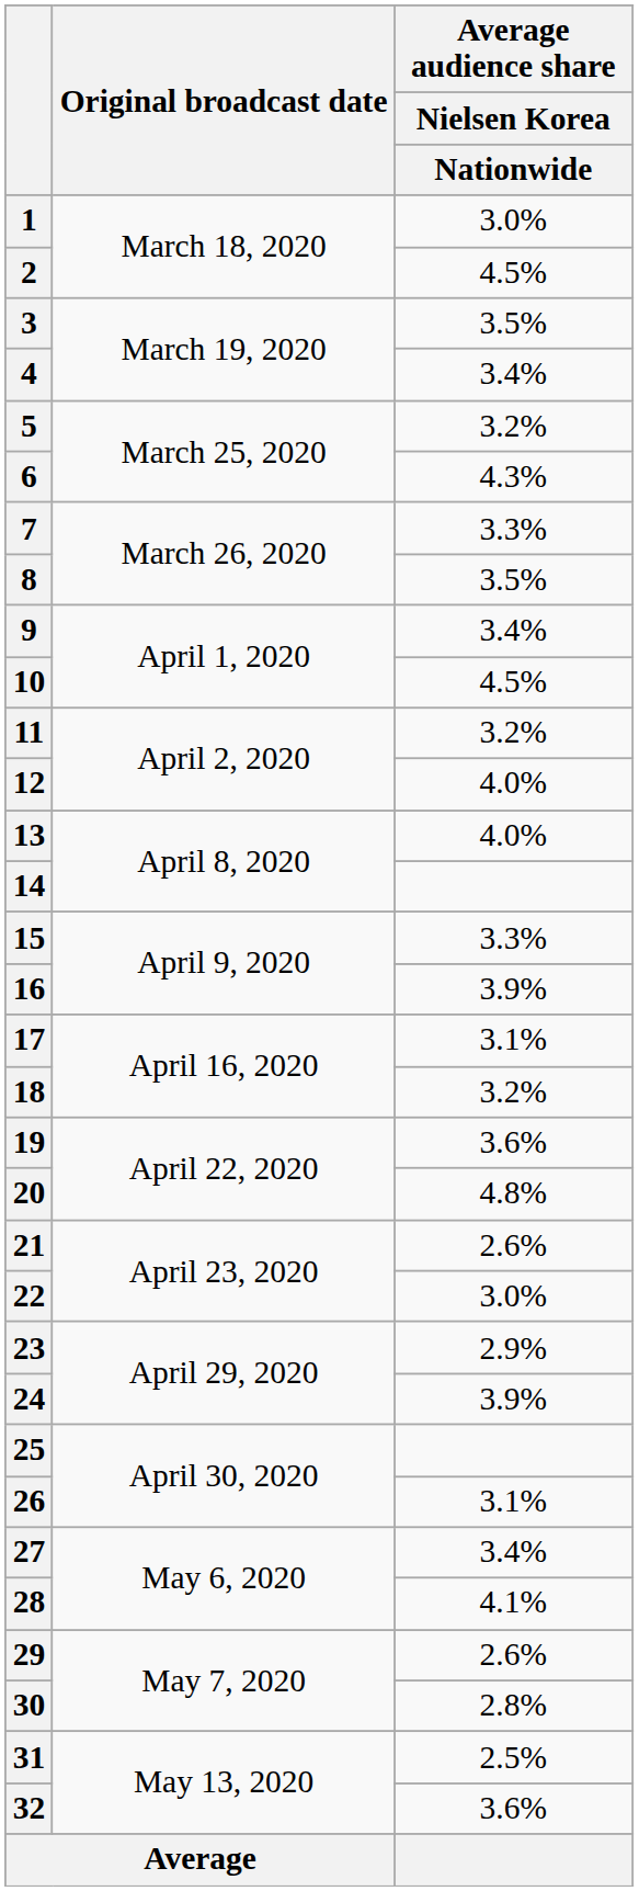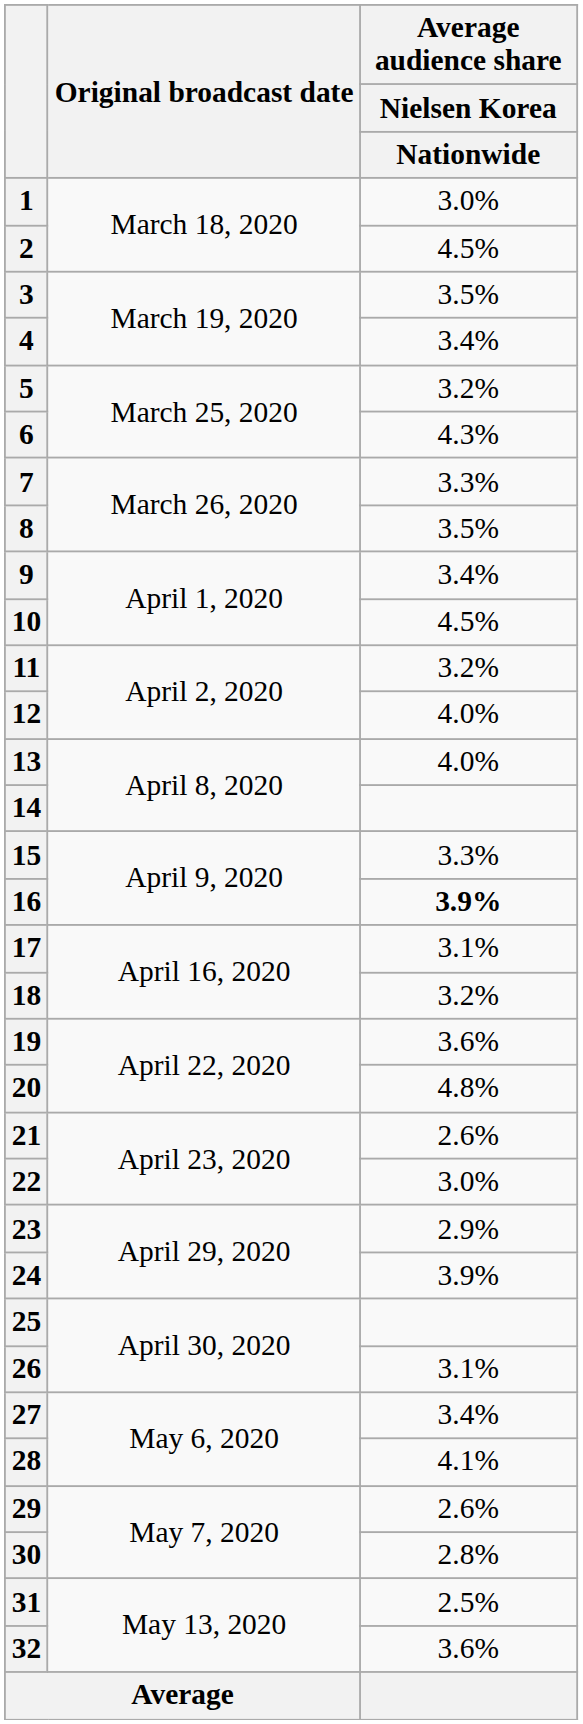 <table class="wikitable" style="text-align:center">
 <tr>
 <th rowspan="3"></th>
 <th rowspan="3">Original broadcast date</th>
 <th colspan="1">Average audience share</th>
 </tr>
 <tr>
 <th>Nielsen Korea</th>
 </tr>
 <tr>
 <th width="110">Nationwide</th>
 </tr>
 <tr>
 <th>1</th>
 <td rowspan="2">March 18, 2020</td>
 <td>3.0% </td>
 </tr>
 <tr>
 <th>2</th>
 <td>4.5% </td>
 </tr>
 <tr>
 <th>3</th>
 <td rowspan="2">March 19, 2020</td>
 <td>3.5% </td>
 </tr>
 <tr>
 <th>4</th>
 <td>3.4% </td>
 </tr>
 <tr>
 <th>5</th>
 <td rowspan="2">March 25, 2020</td>
 <td>3.2% </td>
 </tr>
 <tr>
 <th>6</th>
 <td>4.3% </td>
 </tr>
 <tr>
 <th>7</th>
 <td rowspan="2">March 26, 2020</td>
 <td>3.3% </td>
 </tr>
 <tr>
 <th>8</th>
 <td>3.5% </td>
 </tr>
 <tr>
 <th>9</th>
 <td rowspan="2">April 1, 2020</td>
 <td>3.4% </td>
 </tr>
 <tr>
 <th>10</th>
 <td>4.5% </td>
 </tr>
 <tr>
 <th>11</th>
 <td rowspan="2">April 2, 2020</td>
 <td>3.2% </td>
 </tr>
 <tr>
 <th>12</th>
 <td>4.0% </td>
 </tr>
 <tr>
 <th>13</th>
 <td rowspan="2">April 8, 2020</td>
 <td>4.0% </td>
 </tr>
 <tr>
 <th>14</th>
 <td> </td>
 </tr>
 <tr>
 <th>15</th>
 <td rowspan="2">April 9, 2020</td>
 <td>3.3% </td>
 </tr>
 <tr>
 <th>16</th>
-<td>3.9% </td>
+<td><strong>3.9% </strong></td>
 </tr>
 <tr>
 <th>17</th>
 <td rowspan="2">April 16, 2020</td>
 <td>3.1% </td>
 </tr>
 <tr>
 <th>18</th>
 <td>3.2% </td>
 </tr>
 <tr>
 <th>19</th>
 <td rowspan="2">April 22, 2020</td>
 <td>3.6% </td>
 </tr>
 <tr>
 <th>20</th>
 <td>4.8% </td>
 </tr>
 <tr>
 <th>21</th>
 <td rowspan="2">April 23, 2020</td>
 <td>2.6% </td>
 </tr>
 <tr>
 <th>22</th>
 <td>3.0% </td>
 </tr>
 <tr>
 <th>23</th>
 <td rowspan="2">April 29, 2020</td>
 <td>2.9% </td>
 </tr>
 <tr>
 <th>24</th>
 <td>3.9% </td>
 </tr>
 <tr>
 <th>25</th>
 <td rowspan="2">April 30, 2020</td>
 <td> </td>
 </tr>
 <tr>
 <th>26</th>
 <td>3.1% </td>
 </tr>
 <tr>
 <th>27</th>
 <td rowspan="2">May 6, 2020</td>
 <td>3.4% </td>
 </tr>
 <tr>
 <th>28</th>
 <td>4.1% </td>
 </tr>
 <tr>
 <th>29</th>
 <td rowspan="2">May 7, 2020</td>
 <td>2.6% </td>
 </tr>
 <tr>
 <th>30</th>
 <td>2.8% </td>
 </tr>
 <tr>
 <th>31</th>
 <td rowspan="2">May 13, 2020</td>
 <td>2.5% </td>
 </tr>
 <tr>
 <th>32</th>
 <td>3.6% </td>
 </tr>
 <tr>
 <th colspan="2">Average</th>
 <th></th>
 </tr>
 </table>
